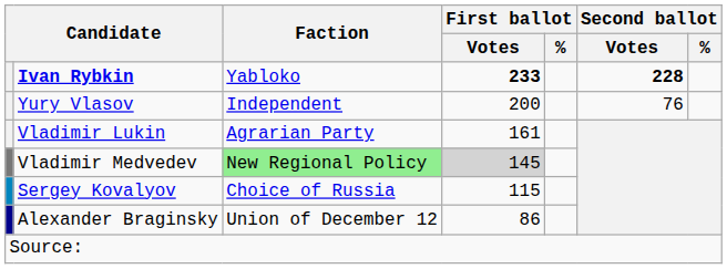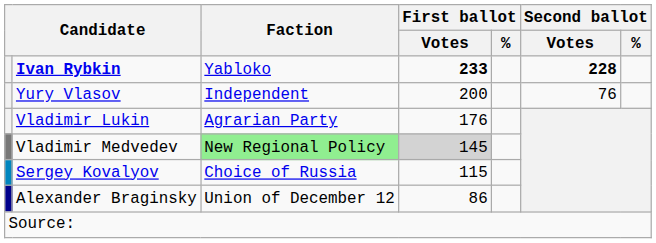 <table class=wikitable>
 <tr>
 <th rowspan=2; colspan=2>Candidate</th>
 <th rowspan=2;>Faction</th>
 <th colspan=2>First ballot</th>
 <th colspan=2>Second ballot</th>
 </tr>
 <tr>
 <th>Votes</th>
 <th>%</th>
 <th>Votes</th>
 <th>%</th>
 </tr>
 <tr>
 <th style="background-color:"></th>
 <td> <strong><a href='#'>Ivan Rybkin</a></strong></td>
 <td><a href='#'>Yabloko</a></td>
 <td style="text-align:right"><strong>233</strong></td>
 <td style="text-align:right"><strong></strong></td>
 <td style="text-align:right"><strong>228</strong></td>
 <td style="text-align:right"><strong></strong></td>
 </tr>
 <tr>
 <th style="background-color:"></th>
 <td><a href='#'>Yury Vlasov</a></td>
 <td><a href='#'>Independent</a></td>
 <td style="text-align:right">200</td>
 <td style="text-align:right"></td>
 <td style="text-align:right">76</td>
 <td style="text-align:right"></td>
 </tr>
 <tr>
 <th style="background-color:"></th>
 <td><a href='#'>Vladimir Lukin</a></td>
 <td><a href='#'>Agrarian Party</a></td>
-<td style="text-align:right">161</td>
+<td style="text-align:right">176</td>
 <td style="text-align:right"></td>
 <th rowspan=4; colspan=4></th>
 </tr>
 <tr>
 <th style="background-color:#777777"></th>
 <td>Vladimir Medvedev</td>
 <td style="background: lightgreen;">New Regional Policy</td>
 <td style="background: lightgrey; text-align:right">145</td>
 <td style="text-align:right"></td>
 </tr>
 <tr>
 <th style="background-color:#0085BE"></th>
 <td><a href='#'>Sergey Kovalyov</a></td>
 <td><a href='#'>Choice of Russia</a></td>
 <td style="text-align:right">115</td>
 <td style="text-align:right"></td>
 </tr>
 <tr>
 <th style="background-color:darkblue"></th>
 <td>Alexander Braginsky</td>
 <td>Union of December 12</td>
 <td style="text-align:right">86</td>
 <td style="text-align:right"></td>
 </tr>
 <tr>
 <td colspan=7>Source:</td>
 </tr>
 </table>
